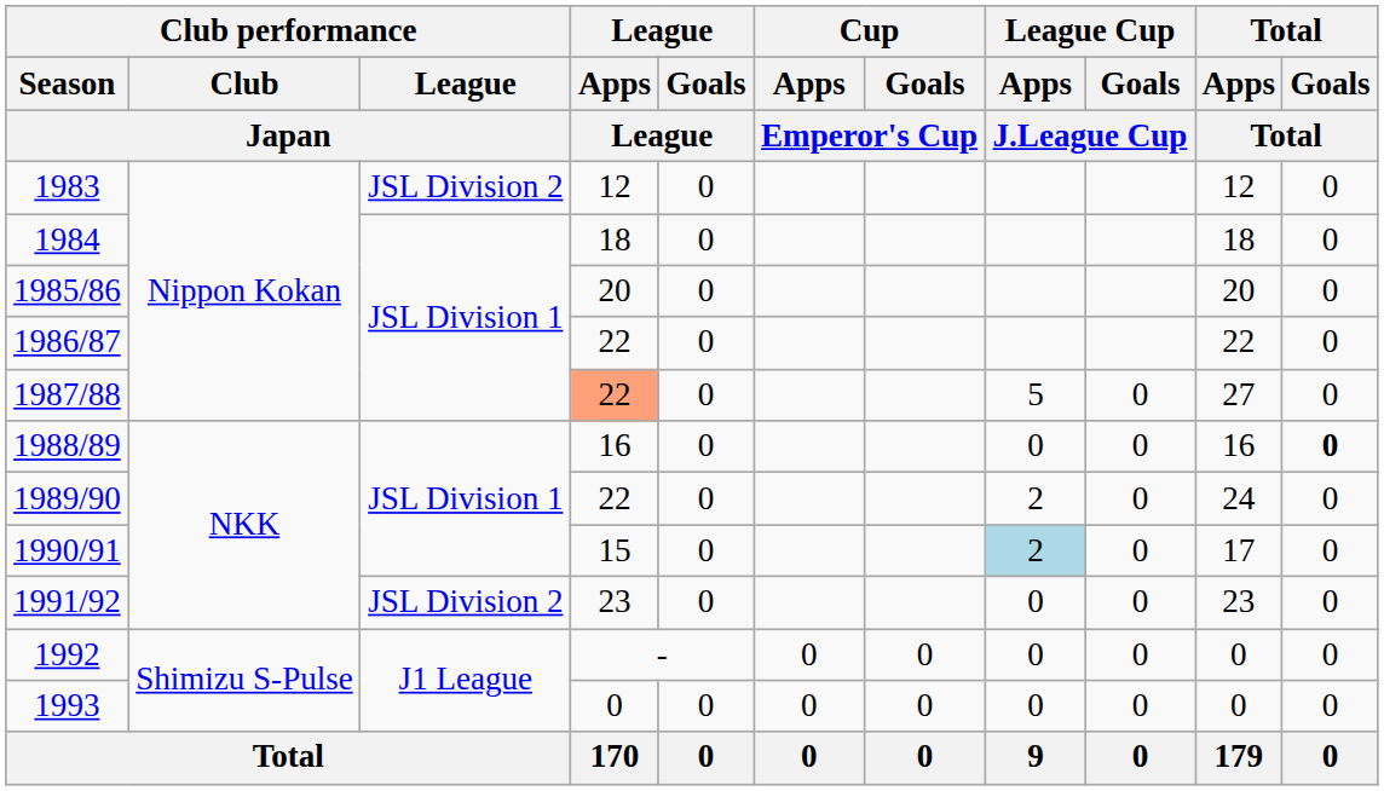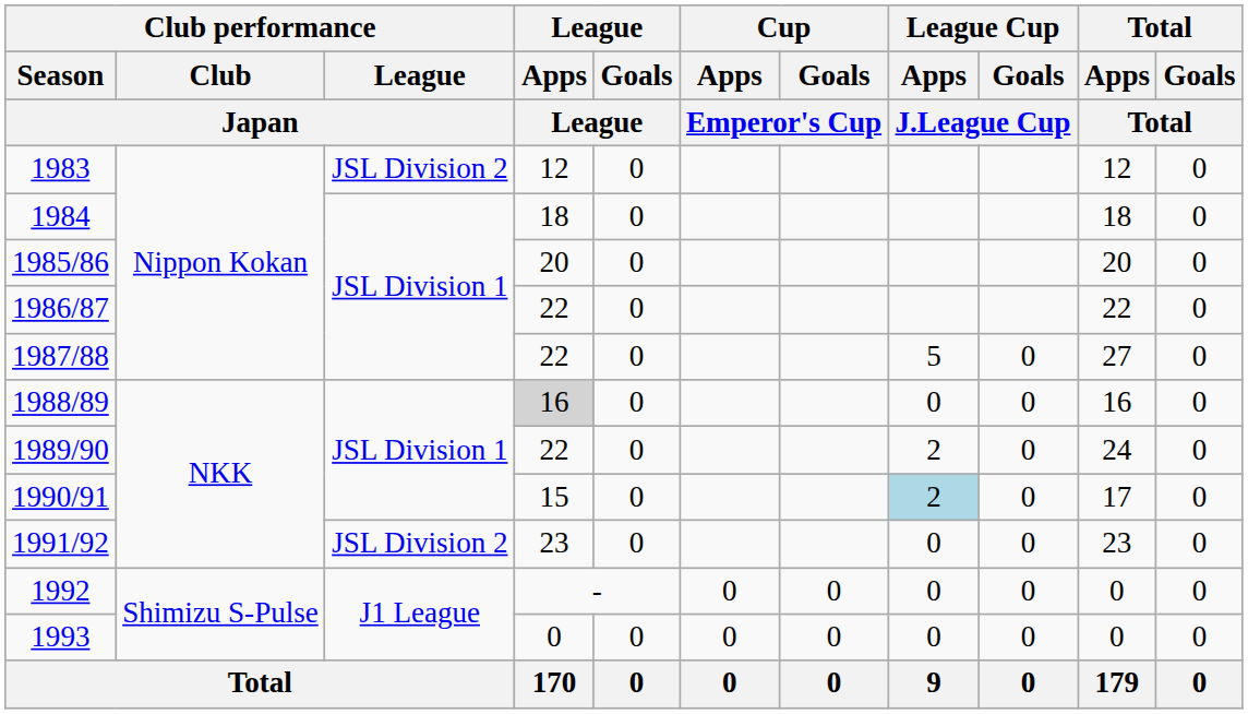 <table class="wikitable" style="text-align:center;">
 <tr>
 <th colspan=3>Club performance</th>
 <th colspan=2>League</th>
 <th colspan=2>Cup</th>
 <th colspan=2>League Cup</th>
 <th colspan=2>Total</th>
 </tr>
 <tr>
 <th>Season</th>
 <th>Club</th>
 <th>League</th>
 <th>Apps</th>
 <th>Goals</th>
 <th>Apps</th>
 <th>Goals</th>
 <th>Apps</th>
 <th>Goals</th>
 <th>Apps</th>
 <th>Goals</th>
 </tr>
 <tr>
 <th colspan=3>Japan</th>
 <th colspan=2>League</th>
 <th colspan=2><a href='#'>Emperor's Cup</a></th>
 <th colspan=2><a href='#'>J.League Cup</a></th>
 <th colspan=2>Total</th>
 </tr>
 <tr>
 <td><a href='#'>1983</a></td>
 <td rowspan="5"><a href='#'>Nippon Kokan</a></td>
 <td><a href='#'>JSL Division 2</a></td>
 <td>12</td>
 <td>0</td>
 <td></td>
 <td></td>
 <td></td>
 <td></td>
 <td>12</td>
 <td>0</td>
 </tr>
 <tr>
 <td><a href='#'>1984</a></td>
 <td rowspan="4"><a href='#'>JSL Division 1</a></td>
 <td>18</td>
 <td>0</td>
 <td></td>
 <td></td>
 <td></td>
 <td></td>
 <td>18</td>
 <td>0</td>
 </tr>
 <tr>
 <td><a href='#'>1985/86</a></td>
 <td>20</td>
 <td>0</td>
 <td></td>
 <td></td>
 <td></td>
 <td></td>
 <td>20</td>
 <td>0</td>
 </tr>
 <tr>
 <td><a href='#'>1986/87</a></td>
 <td>22</td>
 <td>0</td>
 <td></td>
 <td></td>
 <td></td>
 <td></td>
 <td>22</td>
 <td>0</td>
 </tr>
 <tr>
 <td><a href='#'>1987/88</a></td>
-<td style="background: lightsalmon;">22</td>
+<td>22</td>
 <td>0</td>
 <td></td>
 <td></td>
 <td>5</td>
 <td>0</td>
 <td>27</td>
 <td>0</td>
 </tr>
 <tr>
 <td><a href='#'>1988/89</a></td>
 <td rowspan="4"><a href='#'>NKK</a></td>
 <td rowspan="3"><a href='#'>JSL Division 1</a></td>
-<td>16</td>
+<td style="background: lightgrey;">16</td>
 <td>0</td>
 <td></td>
 <td></td>
 <td>0</td>
 <td>0</td>
 <td>16</td>
-<td><strong>0</strong></td>
+<td>0</td>
 </tr>
 <tr>
 <td><a href='#'>1989/90</a></td>
 <td>22</td>
 <td>0</td>
 <td></td>
 <td></td>
 <td>2</td>
 <td>0</td>
 <td>24</td>
 <td>0</td>
 </tr>
 <tr>
 <td><a href='#'>1990/91</a></td>
 <td>15</td>
 <td>0</td>
 <td></td>
 <td></td>
 <td style="background: lightblue;">2</td>
 <td>0</td>
 <td>17</td>
 <td>0</td>
 </tr>
 <tr>
 <td><a href='#'>1991/92</a></td>
 <td><a href='#'>JSL Division 2</a></td>
 <td>23</td>
 <td>0</td>
 <td></td>
 <td></td>
 <td>0</td>
 <td>0</td>
 <td>23</td>
 <td>0</td>
 </tr>
 <tr>
 <td><a href='#'>1992</a></td>
 <td rowspan="2"><a href='#'>Shimizu S-Pulse</a></td>
 <td rowspan="2"><a href='#'>J1 League</a></td>
 <td colspan="2">-</td>
 <td>0</td>
 <td>0</td>
 <td>0</td>
 <td>0</td>
 <td>0</td>
 <td>0</td>
 </tr>
 <tr>
 <td><a href='#'>1993</a></td>
 <td>0</td>
 <td>0</td>
 <td>0</td>
 <td>0</td>
 <td>0</td>
 <td>0</td>
 <td>0</td>
 <td>0</td>
 </tr>
 <tr>
 <th colspan=3>Total</th>
 <th>170</th>
 <th>0</th>
 <th>0</th>
 <th>0</th>
 <th>9</th>
 <th>0</th>
 <th>179</th>
 <th>0</th>
 </tr>
 </table>
